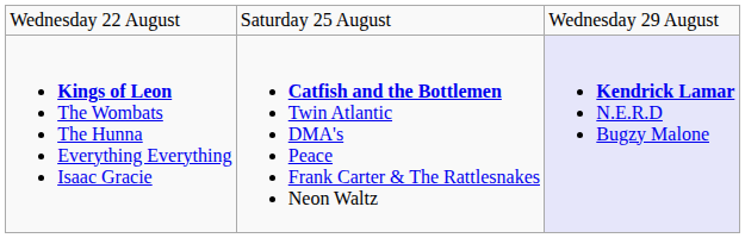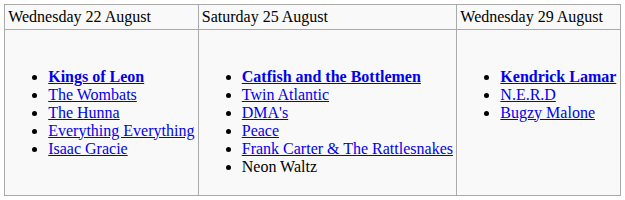 <table class="wikitable">
 <tr>
 <td>Wednesday 22 August</td>
 <td>Saturday 25 August</td>
 <td>Wednesday 29 August</td>
 </tr>
 <tr valign="top">
 <td><br><ul><li><strong><a href='#'>Kings of Leon</a></strong></li><li><a href='#'>The Wombats</a></li><li><a href='#'>The Hunna</a></li><li><a href='#'>Everything Everything</a></li><li><a href='#'>Isaac Gracie</a></li></ul></td>
 <td><br><ul><li><strong><a href='#'>Catfish and the Bottlemen</a></strong></li><li><a href='#'>Twin Atlantic</a></li><li><a href='#'>DMA's</a></li><li><a href='#'>Peace</a></li><li><a href='#'>Frank Carter & The Rattlesnakes</a></li><li>Neon Waltz</li></ul></td>
-<td style="background: lavender;"><br><ul><li><strong><a href='#'>Kendrick Lamar</a></strong></li><li><a href='#'>N.E.R.D</a></li><li><a href='#'>Bugzy Malone</a></li></ul></td>
+<td><br><ul><li><strong><a href='#'>Kendrick Lamar</a></strong></li><li><a href='#'>N.E.R.D</a></li><li><a href='#'>Bugzy Malone</a></li></ul></td>
 </tr>
 </table>
